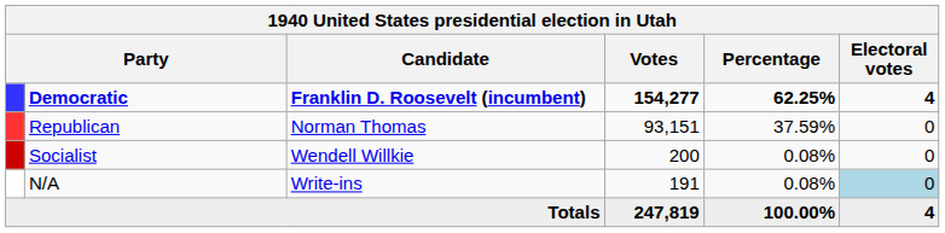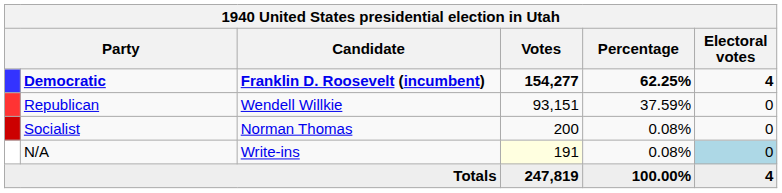 <table class="wikitable" style="font-size: 95%;">
 <tr>
 <th colspan="6">1940 United States presidential election in Utah</th>
 </tr>
 <tr>
 <th colspan="2" style="width: 15em">Party</th>
 <th style="width: 17em">Candidate</th>
 <th style="width: 5em">Votes</th>
 <th style="width: 7em">Percentage</th>
 <th style="width: 5em">Electoral votes</th>
 </tr>
 <tr>
 <th style="background-color:#3333FF; width: 3px"></th>
 <td style="width: 130px"><strong><a href='#'>Democratic</a></strong></td>
 <td><strong><a href='#'>Franklin D. Roosevelt</a> (<a href='#'>incumbent</a>)</strong></td>
 <td align="right"><strong>154,277</strong></td>
 <td align="right"><strong>62.25%</strong></td>
 <td align="right"><strong>4</strong></td>
 </tr>
 <tr>
 <th style="background-color:#FF3333; width: 3px"></th>
 <td style="width: 130px"><a href='#'>Republican</a></td>
-<td><a href='#'>Norman Thomas</a></td>
+<td><a href='#'>Wendell Willkie</a></td>
 <td align="right">93,151</td>
 <td align="right">37.59%</td>
 <td align="right">0</td>
 </tr>
 <tr>
 <th style="background-color:#CC0000; width: 3px"></th>
 <td style="width: 130px"><a href='#'>Socialist</a></td>
-<td><a href='#'>Wendell Willkie</a></td>
+<td><a href='#'>Norman Thomas</a></td>
 <td align="right">200</td>
 <td align="right">0.08%</td>
 <td align="right">0</td>
 </tr>
 <tr>
 <th style="background-color:#FFFFFF; width: 3px"></th>
 <td style="width: 130px">N/A</td>
 <td><a href='#'>Write-ins</a></td>
-<td align="right">191</td>
+<td align="right" style="background: lightyellow;">191</td>
 <td align="right">0.08%</td>
 <td align="right" style="background: lightblue;">0</td>
 </tr>
 <tr style="background:#eee; text-align:right;">
 <td colspan="3"><strong>Totals</strong></td>
 <td><strong>247,819</strong></td>
 <td><strong>100.00%</strong></td>
 <td><strong>4</strong></td>
 </tr>
 </table>
